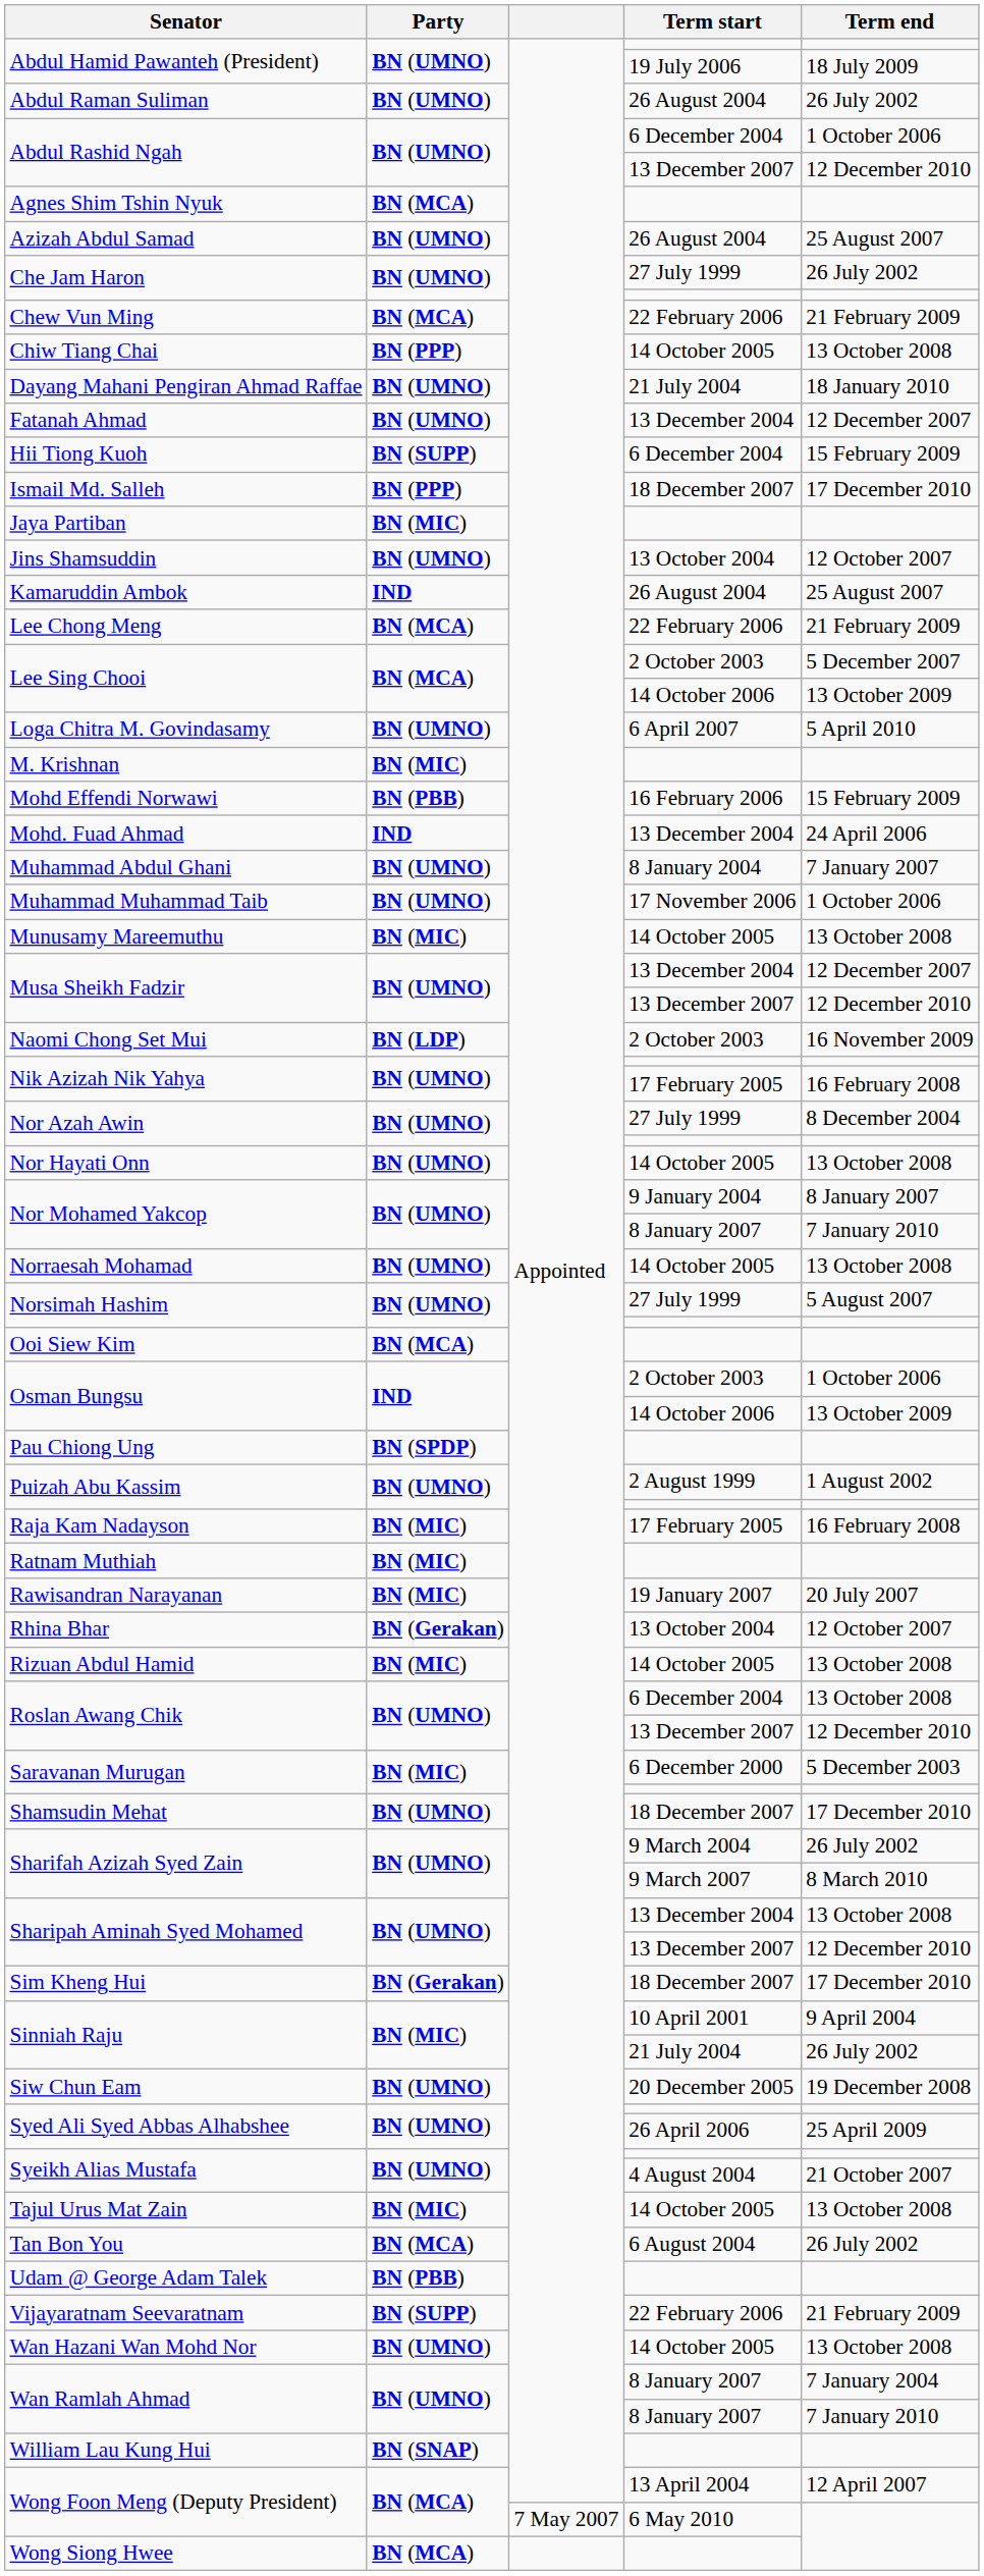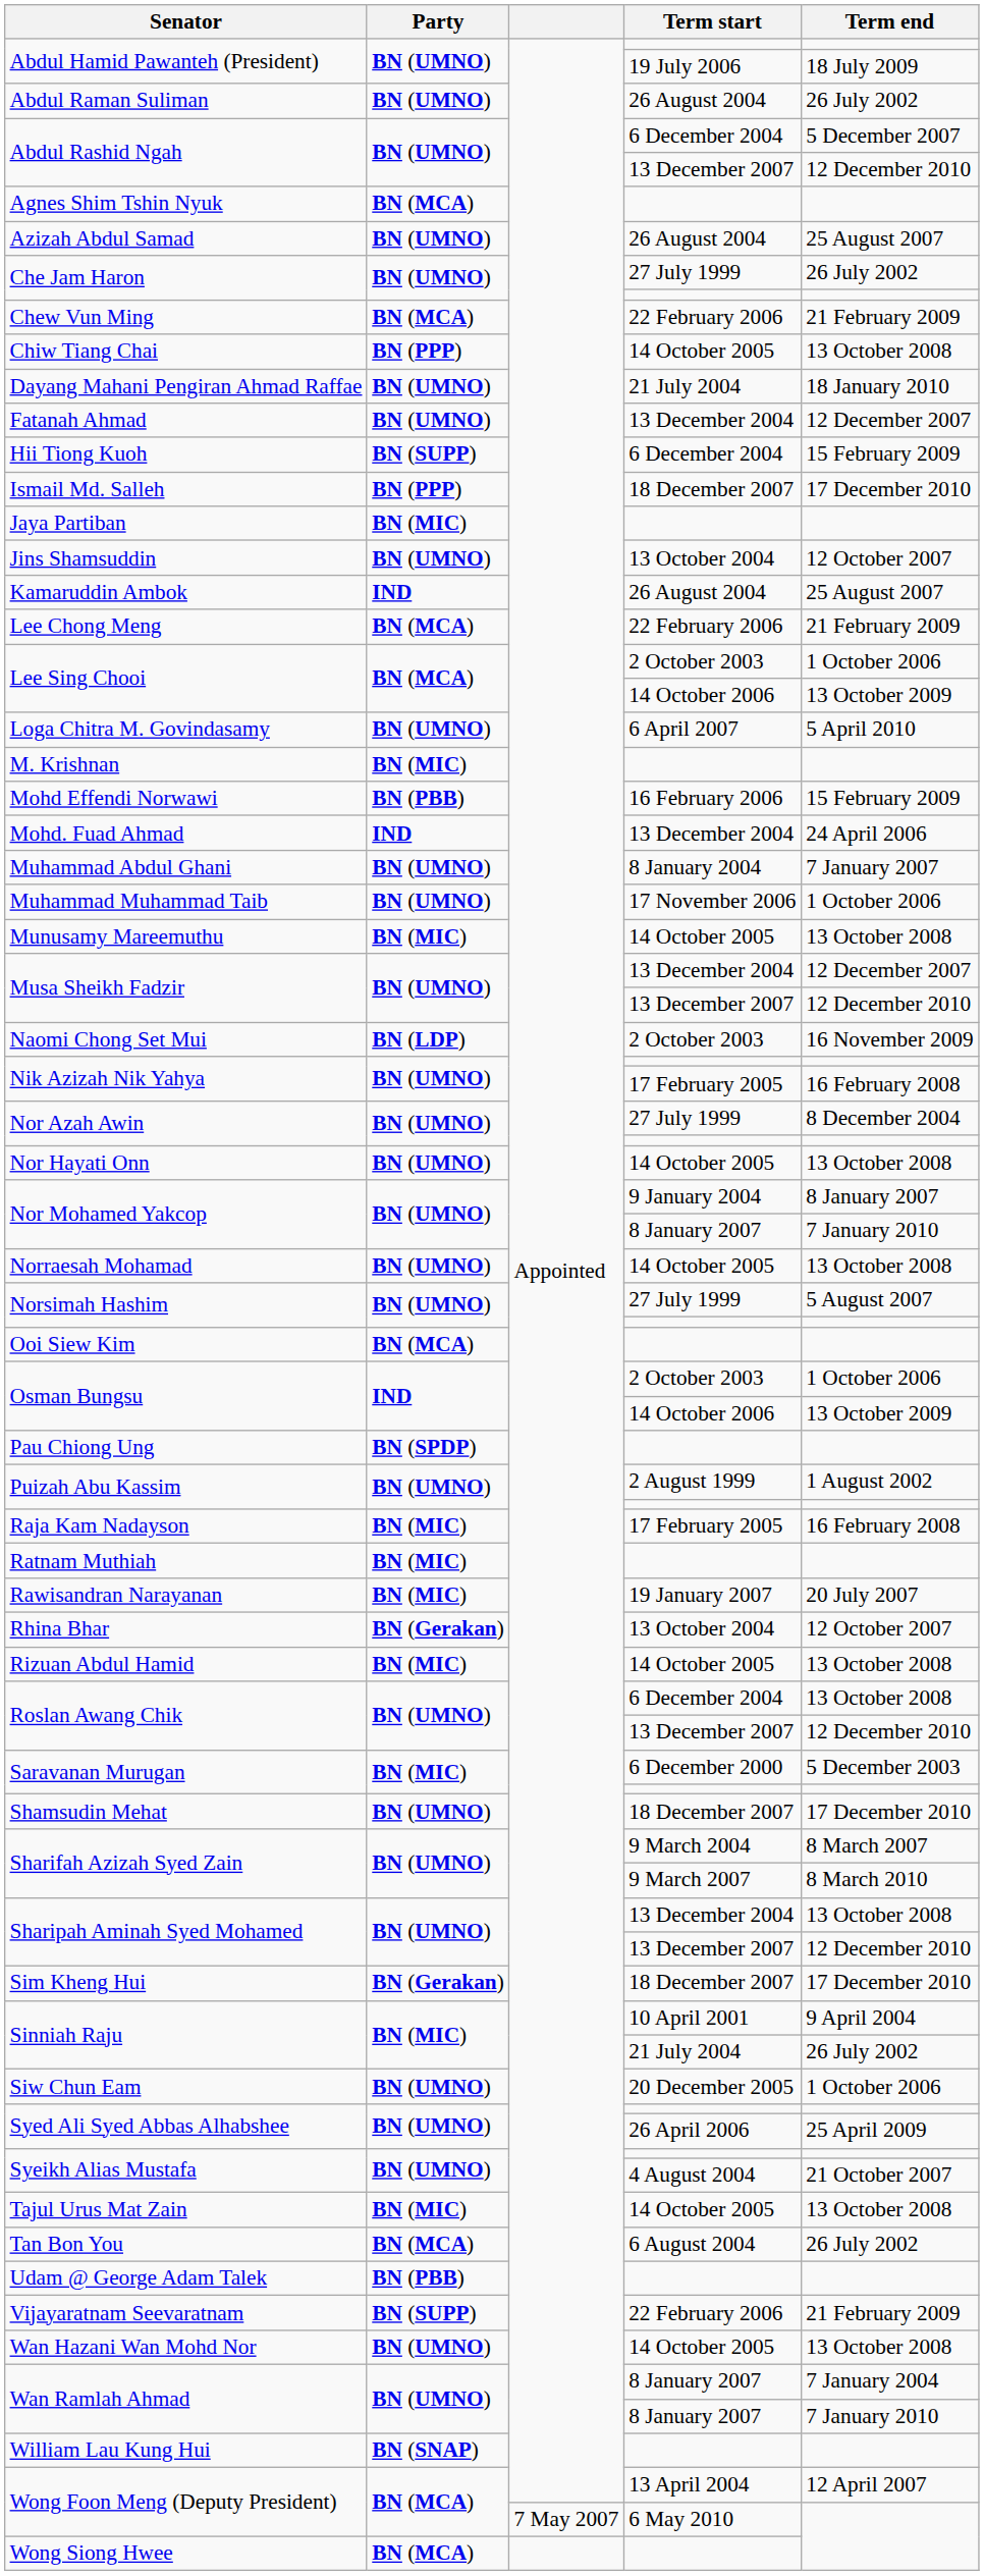 <table class="wikitable sortable">
 <tr>
 <th>Senator</th>
 <th>Party</th>
 <th></th>
 <th>Term start</th>
 <th>Term end</th>
 </tr>
 <tr>
 <td rowspan=2><a href='#'>Abdul Hamid Pawanteh</a> (President)</td>
 <td rowspan=2><strong><a href='#'>BN</a></strong> (<strong><a href='#'>UMNO</a></strong>)</td>
 <td rowspan=78>Appointed</td>
 <td></td>
 <td></td>
 </tr>
 <tr>
 <td>19 July 2006</td>
 <td>18 July 2009</td>
 </tr>
 <tr>
 <td><a href='#'>Abdul Raman Suliman</a></td>
 <td><strong><a href='#'>BN</a></strong> (<strong><a href='#'>UMNO</a></strong>)</td>
 <td>26 August 2004</td>
 <td>26 July 2002</td>
 </tr>
 <tr>
 <td rowspan=2><a href='#'>Abdul Rashid Ngah</a></td>
 <td rowspan=2><strong><a href='#'>BN</a></strong> (<strong><a href='#'>UMNO</a></strong>)</td>
 <td>6 December 2004</td>
-<td>1 October 2006</td>
+<td>5 December 2007</td>
 </tr>
 <tr>
 <td>13 December 2007</td>
 <td>12 December 2010</td>
 </tr>
 <tr>
 <td><a href='#'>Agnes Shim Tshin Nyuk</a></td>
 <td><strong><a href='#'>BN</a></strong> (<strong><a href='#'>MCA</a></strong>)</td>
 <td></td>
 <td></td>
 </tr>
 <tr>
 <td><a href='#'>Azizah Abdul Samad</a></td>
 <td><strong><a href='#'>BN</a></strong> (<strong><a href='#'>UMNO</a></strong>)</td>
 <td>26 August 2004</td>
 <td>25 August 2007</td>
 </tr>
 <tr>
 <td rowspan=2><a href='#'>Che Jam Haron</a></td>
 <td rowspan=2><strong><a href='#'>BN</a></strong> (<strong><a href='#'>UMNO</a></strong>)</td>
 <td>27 July 1999</td>
 <td>26 July 2002</td>
 </tr>
 <tr>
 <td></td>
 <td></td>
 </tr>
 <tr>
 <td><a href='#'>Chew Vun Ming</a></td>
 <td><strong><a href='#'>BN</a></strong> (<strong><a href='#'>MCA</a></strong>)</td>
 <td>22 February 2006</td>
 <td>21 February 2009</td>
 </tr>
 <tr>
 <td><a href='#'>Chiw Tiang Chai</a></td>
 <td><strong><a href='#'>BN</a></strong> (<strong><a href='#'>PPP</a></strong>)</td>
 <td>14 October 2005</td>
 <td>13 October 2008</td>
 </tr>
 <tr>
 <td><a href='#'>Dayang Mahani Pengiran Ahmad Raffae</a></td>
 <td><strong><a href='#'>BN</a></strong> (<strong><a href='#'>UMNO</a></strong>)</td>
 <td>21 July 2004</td>
 <td>18 January 2010</td>
 </tr>
 <tr>
 <td><a href='#'>Fatanah Ahmad</a></td>
 <td><strong><a href='#'>BN</a></strong> (<strong><a href='#'>UMNO</a></strong>)</td>
 <td>13 December 2004</td>
 <td>12 December 2007</td>
 </tr>
 <tr>
 <td><a href='#'>Hii Tiong Kuoh</a></td>
 <td><strong><a href='#'>BN</a></strong> (<strong><a href='#'>SUPP</a></strong>)</td>
 <td>6 December 2004</td>
 <td>15 February 2009</td>
 </tr>
 <tr>
 <td><a href='#'>Ismail Md. Salleh</a></td>
 <td><strong><a href='#'>BN</a></strong> (<strong><a href='#'>PPP</a></strong>)</td>
 <td>18 December 2007</td>
 <td>17 December 2010</td>
 </tr>
 <tr>
 <td><a href='#'>Jaya Partiban</a></td>
 <td><strong><a href='#'>BN</a></strong> (<strong><a href='#'>MIC</a></strong>)</td>
 <td></td>
 <td></td>
 </tr>
 <tr>
 <td><a href='#'>Jins Shamsuddin</a></td>
 <td><strong><a href='#'>BN</a></strong> (<strong><a href='#'>UMNO</a></strong>)</td>
 <td>13 October 2004</td>
 <td>12 October 2007</td>
 </tr>
 <tr>
 <td><a href='#'>Kamaruddin Ambok</a></td>
 <td><strong><a href='#'>IND</a></strong></td>
 <td>26 August 2004</td>
 <td>25 August 2007</td>
 </tr>
 <tr>
 <td><a href='#'>Lee Chong Meng</a></td>
 <td><strong><a href='#'>BN</a></strong> (<strong><a href='#'>MCA</a></strong>)</td>
 <td>22 February 2006</td>
 <td>21 February 2009</td>
 </tr>
 <tr>
 <td rowspan=2><a href='#'>Lee Sing Chooi</a></td>
 <td rowspan=2><strong><a href='#'>BN</a></strong> (<strong><a href='#'>MCA</a></strong>)</td>
 <td>2 October 2003</td>
-<td>5 December 2007</td>
+<td>1 October 2006</td>
 </tr>
 <tr>
 <td>14 October 2006</td>
 <td>13 October 2009</td>
 </tr>
 <tr>
 <td><a href='#'>Loga Chitra M. Govindasamy</a></td>
 <td><strong><a href='#'>BN</a></strong> (<strong><a href='#'>UMNO</a></strong>)</td>
 <td>6 April 2007</td>
 <td>5 April 2010</td>
 </tr>
 <tr>
 <td><a href='#'>M. Krishnan</a></td>
 <td><strong><a href='#'>BN</a></strong> (<strong><a href='#'>MIC</a></strong>)</td>
 <td></td>
 <td></td>
 </tr>
 <tr>
 <td><a href='#'>Mohd Effendi Norwawi</a></td>
 <td><strong><a href='#'>BN</a></strong> (<strong><a href='#'>PBB</a></strong>)</td>
 <td>16 February 2006</td>
 <td>15 February 2009</td>
 </tr>
 <tr>
 <td><a href='#'>Mohd. Fuad Ahmad</a></td>
 <td><strong><a href='#'>IND</a></strong></td>
 <td>13 December 2004</td>
 <td>24 April 2006</td>
 </tr>
 <tr>
 <td><a href='#'>Muhammad Abdul Ghani</a></td>
 <td><strong><a href='#'>BN</a></strong> (<strong><a href='#'>UMNO</a></strong>)</td>
 <td>8 January 2004</td>
 <td>7 January 2007</td>
 </tr>
 <tr>
 <td><a href='#'>Muhammad Muhammad Taib</a></td>
 <td><strong><a href='#'>BN</a></strong> (<strong><a href='#'>UMNO</a></strong>)</td>
 <td>17 November 2006</td>
 <td>1 October 2006</td>
 </tr>
 <tr>
 <td><a href='#'>Munusamy Mareemuthu</a></td>
 <td><strong><a href='#'>BN</a></strong> (<strong><a href='#'>MIC</a></strong>)</td>
 <td>14 October 2005</td>
 <td>13 October 2008</td>
 </tr>
 <tr>
 <td rowspan=2><a href='#'>Musa Sheikh Fadzir</a></td>
 <td rowspan=2><strong><a href='#'>BN</a></strong> (<strong><a href='#'>UMNO</a></strong>)</td>
 <td>13 December 2004</td>
 <td>12 December 2007</td>
 </tr>
 <tr>
 <td>13 December 2007</td>
 <td>12 December 2010</td>
 </tr>
 <tr>
 <td><a href='#'>Naomi Chong Set Mui</a></td>
 <td><strong><a href='#'>BN</a></strong> (<strong><a href='#'>LDP</a></strong>)</td>
 <td>2 October 2003</td>
 <td>16 November 2009</td>
 </tr>
 <tr>
 <td rowspan=2><a href='#'>Nik Azizah Nik Yahya</a></td>
 <td rowspan=2><strong><a href='#'>BN</a></strong> (<strong><a href='#'>UMNO</a></strong>)</td>
 <td></td>
 <td></td>
 </tr>
 <tr>
 <td>17 February 2005</td>
 <td>16 February 2008</td>
 </tr>
 <tr>
 <td rowspan=2><a href='#'>Nor Azah Awin</a></td>
 <td rowspan=2><strong><a href='#'>BN</a></strong> (<strong><a href='#'>UMNO</a></strong>)</td>
 <td>27 July 1999</td>
 <td>8 December 2004</td>
 </tr>
 <tr>
 <td></td>
 <td></td>
 </tr>
 <tr>
 <td><a href='#'>Nor Hayati Onn</a></td>
 <td><strong><a href='#'>BN</a></strong> (<strong><a href='#'>UMNO</a></strong>)</td>
 <td>14 October 2005</td>
 <td>13 October 2008</td>
 </tr>
 <tr>
 <td rowspan=2><a href='#'>Nor Mohamed Yakcop</a></td>
 <td rowspan=2><strong><a href='#'>BN</a></strong> (<strong><a href='#'>UMNO</a></strong>)</td>
 <td>9 January 2004</td>
 <td>8 January 2007</td>
 </tr>
 <tr>
 <td>8 January 2007</td>
 <td>7 January 2010</td>
 </tr>
 <tr>
 <td><a href='#'>Norraesah Mohamad</a></td>
 <td><strong><a href='#'>BN</a></strong> (<strong><a href='#'>UMNO</a></strong>)</td>
 <td>14 October 2005</td>
 <td>13 October 2008</td>
 </tr>
 <tr>
 <td rowspan=2><a href='#'>Norsimah Hashim</a></td>
 <td rowspan=2><strong><a href='#'>BN</a></strong> (<strong><a href='#'>UMNO</a></strong>)</td>
 <td>27 July 1999</td>
 <td>5 August 2007</td>
 </tr>
 <tr>
 <td></td>
 <td></td>
 </tr>
 <tr>
 <td><a href='#'>Ooi Siew Kim</a></td>
 <td><strong><a href='#'>BN</a></strong> (<strong><a href='#'>MCA</a></strong>)</td>
 <td></td>
 <td></td>
 </tr>
 <tr>
 <td rowspan=2><a href='#'>Osman Bungsu</a></td>
 <td rowspan=2><strong><a href='#'>IND</a></strong></td>
 <td>2 October 2003</td>
 <td>1 October 2006</td>
 </tr>
 <tr>
 <td>14 October 2006</td>
 <td>13 October 2009</td>
 </tr>
 <tr>
 <td><a href='#'>Pau Chiong Ung</a></td>
 <td><strong><a href='#'>BN</a></strong> (<strong><a href='#'>SPDP</a></strong>)</td>
 <td></td>
 <td></td>
 </tr>
 <tr>
 <td rowspan=2><a href='#'>Puizah Abu Kassim</a></td>
 <td rowspan=2><strong><a href='#'>BN</a></strong> (<strong><a href='#'>UMNO</a></strong>)</td>
 <td>2 August 1999</td>
 <td>1 August 2002</td>
 </tr>
 <tr>
 <td></td>
 <td></td>
 </tr>
 <tr>
 <td><a href='#'>Raja Kam Nadayson</a></td>
 <td><strong><a href='#'>BN</a></strong> (<strong><a href='#'>MIC</a></strong>)</td>
 <td>17 February 2005</td>
 <td>16 February 2008</td>
 </tr>
 <tr>
 <td><a href='#'>Ratnam Muthiah</a></td>
 <td><strong><a href='#'>BN</a></strong> (<strong><a href='#'>MIC</a></strong>)</td>
 <td></td>
 <td></td>
 </tr>
 <tr>
 <td><a href='#'>Rawisandran Narayanan</a></td>
 <td><strong><a href='#'>BN</a></strong> (<strong><a href='#'>MIC</a></strong>)</td>
 <td>19 January 2007</td>
 <td>20 July 2007</td>
 </tr>
 <tr>
 <td><a href='#'>Rhina Bhar</a></td>
 <td><strong><a href='#'>BN</a></strong> (<strong><a href='#'>Gerakan</a></strong>)</td>
 <td>13 October 2004</td>
 <td>12 October 2007</td>
 </tr>
 <tr>
 <td><a href='#'>Rizuan Abdul Hamid</a></td>
 <td><strong><a href='#'>BN</a></strong> (<strong><a href='#'>MIC</a></strong>)</td>
 <td>14 October 2005</td>
 <td>13 October 2008</td>
 </tr>
 <tr>
 <td rowspan=2><a href='#'>Roslan Awang Chik</a></td>
 <td rowspan=2><strong><a href='#'>BN</a></strong> (<strong><a href='#'>UMNO</a></strong>)</td>
 <td>6 December 2004</td>
 <td>13 October 2008</td>
 </tr>
 <tr>
 <td>13 December 2007</td>
 <td>12 December 2010</td>
 </tr>
 <tr>
 <td rowspan=2><a href='#'>Saravanan Murugan</a></td>
 <td rowspan=2><strong><a href='#'>BN</a></strong> (<strong><a href='#'>MIC</a></strong>)</td>
 <td>6 December 2000</td>
 <td>5 December 2003</td>
 </tr>
 <tr>
 <td></td>
 <td></td>
 </tr>
 <tr>
 <td><a href='#'>Shamsudin Mehat</a></td>
 <td><strong><a href='#'>BN</a></strong> (<strong><a href='#'>UMNO</a></strong>)</td>
 <td>18 December 2007</td>
 <td>17 December 2010</td>
 </tr>
 <tr>
 <td rowspan=2><a href='#'>Sharifah Azizah Syed Zain</a></td>
 <td rowspan=2><strong><a href='#'>BN</a></strong> (<strong><a href='#'>UMNO</a></strong>)</td>
 <td>9 March 2004</td>
-<td>26 July 2002</td>
+<td>8 March 2007</td>
 </tr>
 <tr>
 <td>9 March 2007</td>
 <td>8 March 2010</td>
 </tr>
 <tr>
 <td rowspan=2><a href='#'>Sharipah Aminah Syed Mohamed</a></td>
 <td rowspan=2><strong><a href='#'>BN</a></strong> (<strong><a href='#'>UMNO</a></strong>)</td>
 <td>13 December 2004</td>
 <td>13 October 2008</td>
 </tr>
 <tr>
 <td>13 December 2007</td>
 <td>12 December 2010</td>
 </tr>
 <tr>
 <td><a href='#'>Sim Kheng Hui</a></td>
 <td><strong><a href='#'>BN</a></strong> (<strong><a href='#'>Gerakan</a></strong>)</td>
 <td>18 December 2007</td>
 <td>17 December 2010</td>
 </tr>
 <tr>
 <td rowspan=2><a href='#'>Sinniah Raju</a></td>
 <td rowspan=2><strong><a href='#'>BN</a></strong> (<strong><a href='#'>MIC</a></strong>)</td>
 <td>10 April 2001</td>
 <td>9 April 2004</td>
 </tr>
 <tr>
 <td>21 July 2004</td>
 <td>26 July 2002</td>
 </tr>
 <tr>
 <td><a href='#'>Siw Chun Eam</a></td>
 <td><strong><a href='#'>BN</a></strong> (<strong><a href='#'>UMNO</a></strong>)</td>
 <td>20 December 2005</td>
-<td>19 December 2008</td>
+<td>1 October 2006</td>
 </tr>
 <tr>
 <td rowspan=2><a href='#'>Syed Ali Syed Abbas Alhabshee</a></td>
 <td rowspan=2><strong><a href='#'>BN</a></strong> (<strong><a href='#'>UMNO</a></strong>)</td>
 <td></td>
 <td></td>
 </tr>
 <tr>
 <td>26 April 2006</td>
 <td>25 April 2009</td>
 </tr>
 <tr>
 <td rowspan=2><a href='#'>Syeikh Alias Mustafa</a></td>
 <td rowspan=2><strong><a href='#'>BN</a></strong> (<strong><a href='#'>UMNO</a></strong>)</td>
 <td></td>
 <td></td>
 </tr>
 <tr>
 <td>4 August 2004</td>
 <td>21 October 2007</td>
 </tr>
 <tr>
 <td><a href='#'>Tajul Urus Mat Zain</a></td>
 <td><strong><a href='#'>BN</a></strong> (<strong><a href='#'>MIC</a></strong>)</td>
 <td>14 October 2005</td>
 <td>13 October 2008</td>
 </tr>
 <tr>
 <td><a href='#'>Tan Bon You</a></td>
 <td><strong><a href='#'>BN</a></strong> (<strong><a href='#'>MCA</a></strong>)</td>
 <td>6 August 2004</td>
 <td>26 July 2002</td>
 </tr>
 <tr>
 <td><a href='#'>Udam @ George Adam Talek</a></td>
 <td><strong><a href='#'>BN</a></strong> (<strong><a href='#'>PBB</a></strong>)</td>
 <td></td>
 <td></td>
 </tr>
 <tr>
 <td><a href='#'>Vijayaratnam Seevaratnam</a></td>
 <td><strong><a href='#'>BN</a></strong> (<strong><a href='#'>SUPP</a></strong>)</td>
 <td>22 February 2006</td>
 <td>21 February 2009</td>
 </tr>
 <tr>
 <td><a href='#'>Wan Hazani Wan Mohd Nor</a></td>
 <td><strong><a href='#'>BN</a></strong> (<strong><a href='#'>UMNO</a></strong>)</td>
 <td>14 October 2005</td>
 <td>13 October 2008</td>
 </tr>
 <tr>
 <td rowspan=2><a href='#'>Wan Ramlah Ahmad</a></td>
 <td rowspan=2><strong><a href='#'>BN</a></strong> (<strong><a href='#'>UMNO</a></strong>)</td>
 <td>8 January 2007</td>
 <td>7 January 2004</td>
 </tr>
 <tr>
 <td>8 January 2007</td>
 <td>7 January 2010</td>
 </tr>
 <tr>
 <td><a href='#'>William Lau Kung Hui</a></td>
 <td><strong><a href='#'>BN</a></strong> (<strong><a href='#'>SNAP</a></strong>)</td>
 <td></td>
 <td></td>
 </tr>
 <tr>
 <td rowspan=2><a href='#'>Wong Foon Meng</a> (Deputy President)</td>
 <td rowspan=2><strong><a href='#'>BN</a></strong> (<strong><a href='#'>MCA</a></strong>)</td>
 <td>13 April 2004</td>
 <td>12 April 2007</td>
 </tr>
 <tr>
 <td>7 May 2007</td>
 <td>6 May 2010</td>
 </tr>
 <tr>
 <td><a href='#'>Wong Siong Hwee</a></td>
 <td><strong><a href='#'>BN</a></strong> (<strong><a href='#'>MCA</a></strong>)</td>
 <td></td>
 <td></td>
 </tr>
 </table>
